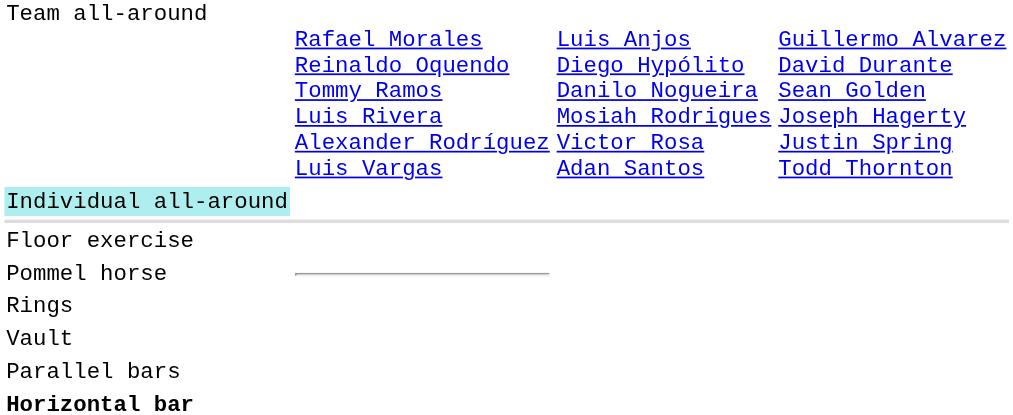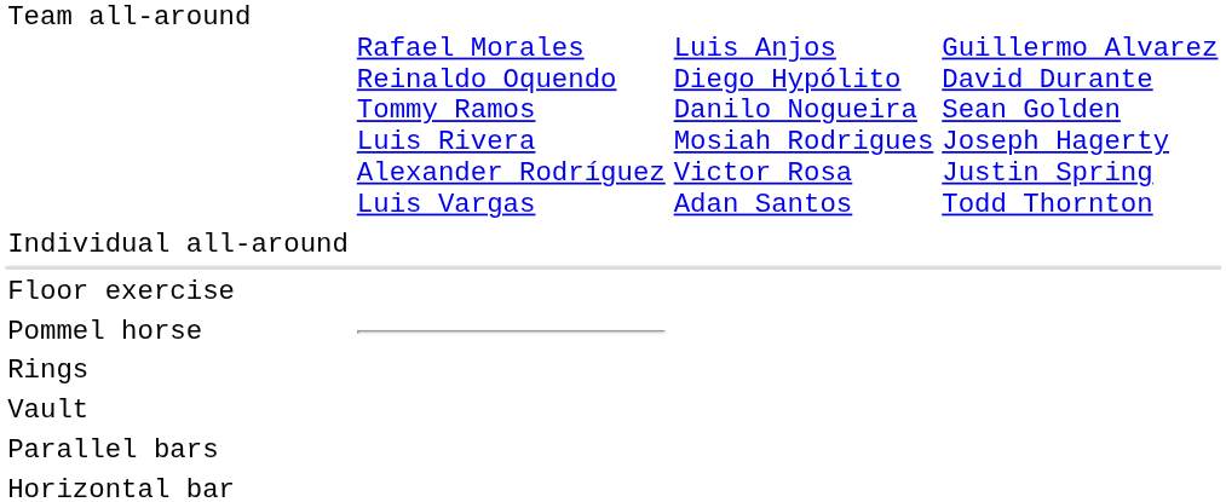 <table>
 <tr valign="top">
 <td>Team all-around<br></td>
 <td><br><a href='#'>Rafael Morales</a><br><a href='#'>Reinaldo Oquendo</a><br><a href='#'>Tommy Ramos</a><br><a href='#'>Luis Rivera</a><br><a href='#'>Alexander Rodríguez</a><br><a href='#'>Luis Vargas</a></td>
 <td><br><a href='#'>Luis Anjos</a><br><a href='#'>Diego Hypólito</a><br><a href='#'>Danilo Nogueira</a><br><a href='#'>Mosiah Rodrigues</a><br><a href='#'>Victor Rosa</a><br><a href='#'>Adan Santos</a></td>
 <td><br><a href='#'>Guillermo Alvarez</a><br><a href='#'>David Durante</a><br><a href='#'>Sean Golden</a><br><a href='#'>Joseph Hagerty</a><br><a href='#'>Justin Spring</a><br><a href='#'>Todd Thornton</a></td>
 </tr>
 <tr>
-<td style="background: paleturquoise;">Individual all-around<br></td>
+<td>Individual all-around<br></td>
 <td></td>
 <td></td>
 <td></td>
 </tr>
 <tr bgcolor=#DDDDDD>
 <td colspan=7></td>
 </tr>
 <tr>
 <td>Floor exercise<br></td>
 <td></td>
 <td></td>
 <td></td>
 </tr>
 <tr>
 <td>Pommel horse<br></td>
 <td><hr></td>
 <td></td>
 <td></td>
 </tr>
 <tr>
 <td>Rings<br></td>
 <td></td>
 <td></td>
 <td></td>
 </tr>
 <tr>
 <td>Vault<br></td>
 <td></td>
 <td></td>
 <td></td>
 </tr>
 <tr>
 <td>Parallel bars<br></td>
 <td></td>
 <td></td>
 <td></td>
 </tr>
 <tr>
-<td><strong>Horizontal bar<br></strong></td>
+<td>Horizontal bar<br></td>
 <td></td>
 <td></td>
 <td></td>
 </tr>
 </table>
